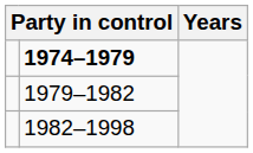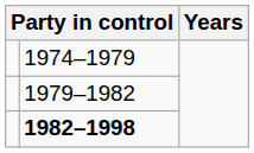 <table class="wikitable">
 <tr>
 <th colspan="2">Party in control</th>
 <th>Years</th>
 </tr>
 <tr>
 <td></td>
-<td><strong>1974–1979</strong></td>
+<td>1974–1979</td>
 </tr>
 <tr>
 <td></td>
 <td>1979–1982</td>
 </tr>
 <tr>
 <td></td>
-<td>1982–1998</td>
+<td><strong>1982–1998</strong></td>
 </tr>
 </table>
